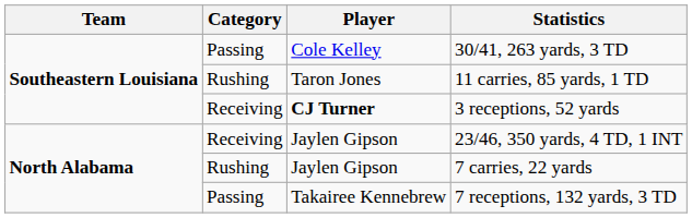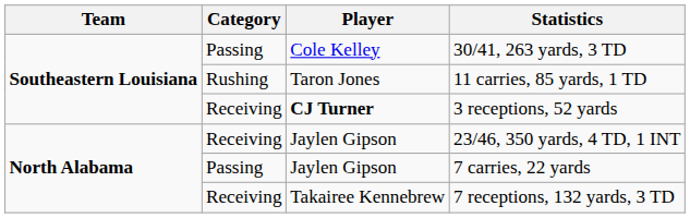 <table class="wikitable" style="float: left;">
 <tr>
 <th>Team</th>
 <th>Category</th>
 <th>Player</th>
 <th>Statistics</th>
 </tr>
 <tr>
 <td rowspan=3><strong>Southeastern Louisiana</strong></td>
 <td>Passing</td>
 <td><a href='#'>Cole Kelley</a></td>
 <td>30/41, 263 yards, 3 TD</td>
 </tr>
 <tr>
 <td>Rushing</td>
 <td>Taron Jones</td>
 <td>11 carries, 85 yards, 1 TD</td>
 </tr>
 <tr>
 <td>Receiving</td>
 <td><strong>CJ Turner</strong></td>
 <td>3 receptions, 52 yards</td>
 </tr>
 <tr>
 <td rowspan=3><strong>North Alabama</strong></td>
 <td>Receiving</td>
 <td>Jaylen Gipson</td>
 <td>23/46, 350 yards, 4 TD, 1 INT</td>
 </tr>
 <tr>
-<td>Rushing</td>
+<td>Passing</td>
 <td>Jaylen Gipson</td>
 <td>7 carries, 22 yards</td>
 </tr>
 <tr>
-<td>Passing</td>
+<td>Receiving</td>
 <td>Takairee Kennebrew</td>
 <td>7 receptions, 132 yards, 3 TD</td>
 </tr>
 </table>
